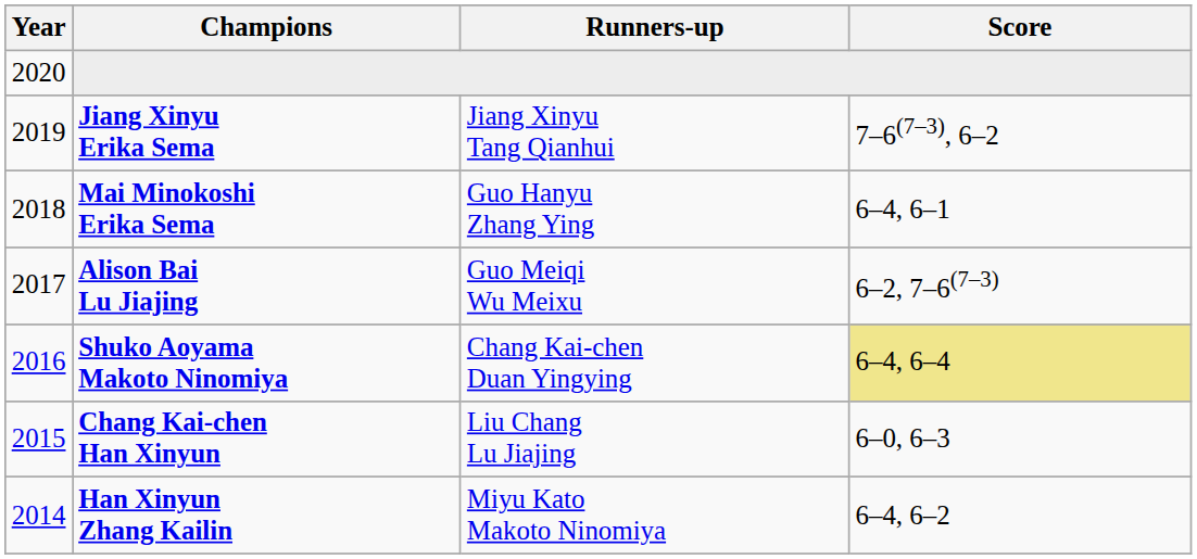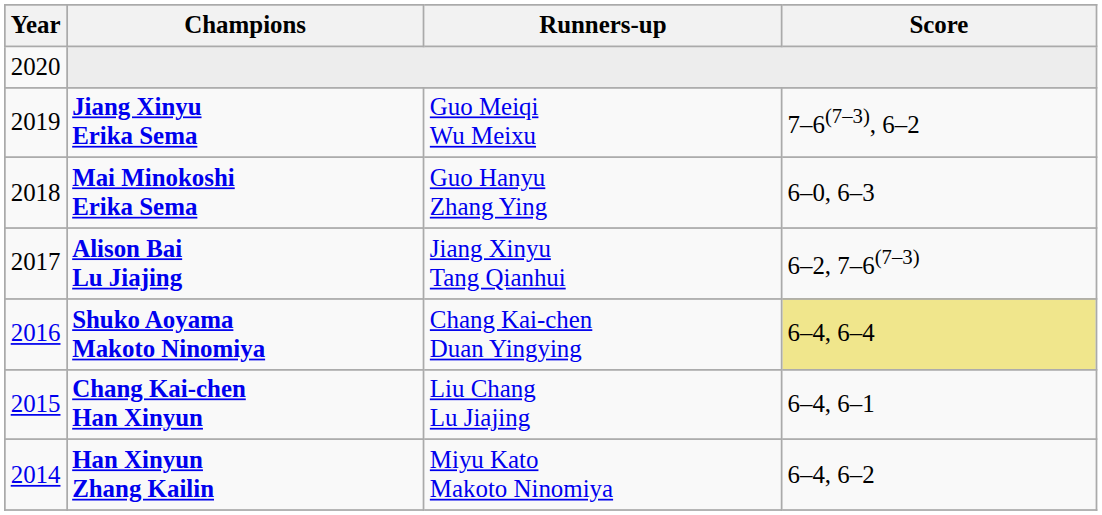 <table class="wikitable" style="font-size:90%">
 <tr>
 <th>Year</th>
 <th width="200">Champions</th>
 <th width="200">Runners-up</th>
 <th width="175">Score</th>
 </tr>
 <tr>
 <td>2020</td>
 <td colspan=3 bgcolor="#ededed"></td>
 </tr>
 <tr>
 <td>2019</td>
 <td> <strong><a href='#'>Jiang Xinyu</a></strong> <br>  <strong><a href='#'>Erika Sema</a></strong></td>
-<td> <a href='#'>Jiang Xinyu</a> <br>  <a href='#'>Tang Qianhui</a></td>
+<td> <a href='#'>Guo Meiqi</a> <br>  <a href='#'>Wu Meixu</a></td>
 <td>7–6<sup>(7–3)</sup>, 6–2</td>
 </tr>
 <tr>
 <td>2018</td>
 <td> <strong><a href='#'>Mai Minokoshi</a></strong> <br>  <strong><a href='#'>Erika Sema</a></strong></td>
 <td> <a href='#'>Guo Hanyu</a> <br>  <a href='#'>Zhang Ying</a></td>
-<td>6–4, 6–1</td>
+<td>6–0, 6–3</td>
 </tr>
 <tr>
 <td>2017</td>
 <td> <strong><a href='#'>Alison Bai</a></strong> <br>  <strong><a href='#'>Lu Jiajing</a></strong></td>
-<td> <a href='#'>Guo Meiqi</a> <br>  <a href='#'>Wu Meixu</a></td>
+<td> <a href='#'>Jiang Xinyu</a> <br>  <a href='#'>Tang Qianhui</a></td>
 <td>6–2, 7–6<sup>(7–3)</sup></td>
 </tr>
 <tr>
 <td><a href='#'>2016</a></td>
 <td> <strong><a href='#'>Shuko Aoyama</a></strong> <br>  <strong><a href='#'>Makoto Ninomiya</a></strong></td>
 <td> <a href='#'>Chang Kai-chen</a> <br>  <a href='#'>Duan Yingying</a></td>
 <td style="background: khaki;">6–4, 6–4</td>
 </tr>
 <tr>
 <td><a href='#'>2015</a></td>
 <td> <strong><a href='#'>Chang Kai-chen</a></strong> <br>  <strong><a href='#'>Han Xinyun</a></strong></td>
 <td> <a href='#'>Liu Chang</a> <br>  <a href='#'>Lu Jiajing</a></td>
-<td>6–0, 6–3</td>
+<td>6–4, 6–1</td>
 </tr>
 <tr>
 <td><a href='#'>2014</a></td>
 <td> <strong><a href='#'>Han Xinyun</a></strong> <br>  <strong><a href='#'>Zhang Kailin</a></strong></td>
 <td> <a href='#'>Miyu Kato</a> <br>  <a href='#'>Makoto Ninomiya</a></td>
 <td>6–4, 6–2</td>
 </tr>
 </table>
